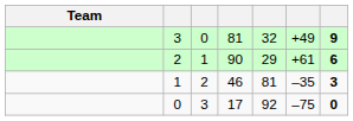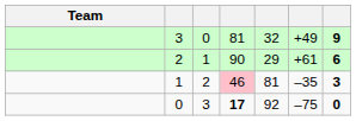 <table class="wikitable" style="text-align:center;">
 <tr>
 <th style="width:11.0em;">Team</th>
 <th style="width:1.5em;"></th>
 <th style="width:1.5em;"></th>
 <th style="width:2.0em;"></th>
 <th style="width:2.0em;"></th>
 <th style="width:2.0em;"></th>
 <th style="width:1.5em;"></th>
 </tr>
 <tr bgcolor=#cfc>
 <td align="left"></td>
 <td>3</td>
 <td>0</td>
 <td>81</td>
 <td>32</td>
 <td>+49</td>
 <td><strong>9</strong></td>
 </tr>
 <tr bgcolor=#cfc>
 <td align="left"></td>
 <td>2</td>
 <td>1</td>
 <td>90</td>
 <td>29</td>
 <td>+61</td>
 <td><strong>6</strong></td>
 </tr>
 <tr>
 <td align="left"></td>
 <td>1</td>
 <td>2</td>
-<td>46</td>
+<td style="background: pink;">46</td>
 <td>81</td>
 <td>–35</td>
 <td><strong>3</strong></td>
 </tr>
 <tr>
 <td align="left"></td>
 <td>0</td>
 <td>3</td>
-<td>17</td>
+<td><strong>17</strong></td>
 <td>92</td>
 <td>–75</td>
 <td><strong>0</strong></td>
 </tr>
 </table>
